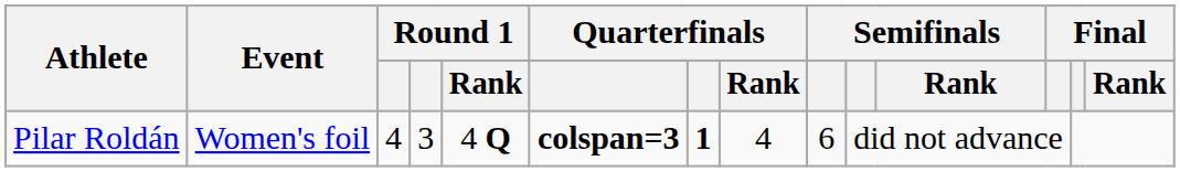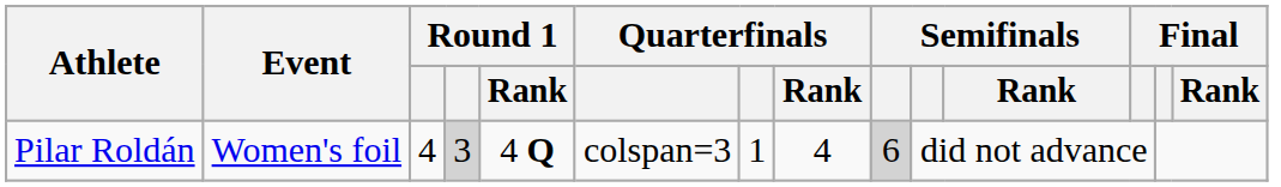 <table class="wikitable" style="font-size:90%">
 <tr>
 <th rowspan=2>Athlete</th>
 <th rowspan=2>Event</th>
 <th colspan=3>Round 1</th>
 <th colspan=3>Quarterfinals</th>
 <th colspan=3>Semifinals</th>
 <th colspan=3>Final</th>
 </tr>
 <tr style="font-size:95%">
 <th></th>
 <th></th>
 <th>Rank</th>
 <th></th>
 <th></th>
 <th>Rank</th>
 <th></th>
 <th></th>
 <th>Rank</th>
 <th></th>
 <th></th>
 <th>Rank</th>
 </tr>
 <tr align=center>
 <td align=left><a href='#'>Pilar Roldán</a></td>
 <td align=left><a href='#'>Women's foil</a></td>
 <td>4</td>
-<td>3</td>
+<td style="background: lightgrey;">3</td>
 <td>4 <strong>Q</strong></td>
-<td><strong>colspan=3 </strong></td>
-<td><strong>1</strong></td>
+<td>colspan=3 </td>
+<td>1</td>
 <td>4</td>
-<td>6</td>
+<td style="background: lightgrey;">6</td>
 <td colspan=3>did not advance</td>
 </tr>
 </table>
